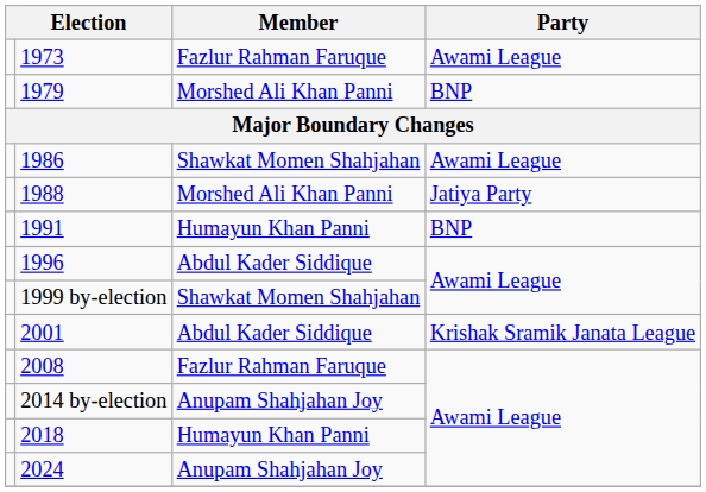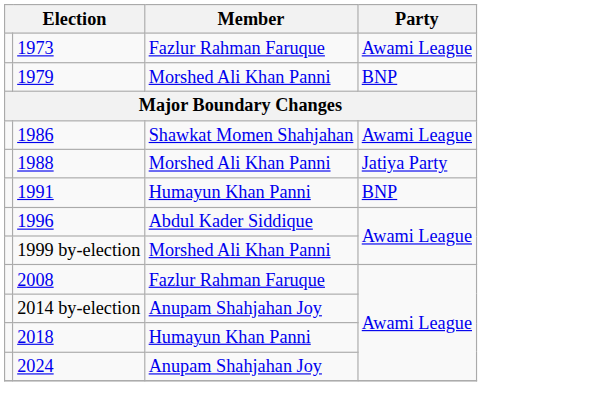 <table class="wikitable">
 <tr>
 <th colspan="2">Election</th>
 <th>Member</th>
 <th>Party</th>
 </tr>
 <tr>
 <td style="background-color:"></td>
 <td><a href='#'>1973</a></td>
 <td><a href='#'>Fazlur Rahman Faruque</a></td>
 <td><a href='#'>Awami League</a></td>
 </tr>
 <tr>
 <td style="background-color:"></td>
 <td><a href='#'>1979</a></td>
 <td><a href='#'>Morshed Ali Khan Panni</a></td>
 <td><a href='#'>BNP</a></td>
 </tr>
 <tr>
 <th colspan="4">Major Boundary Changes</th>
 </tr>
 <tr>
 <td style="background-color:"></td>
 <td><a href='#'>1986</a></td>
 <td><a href='#'>Shawkat Momen Shahjahan</a></td>
 <td><a href='#'>Awami League</a></td>
 </tr>
 <tr>
 <td style="background-color:"></td>
 <td><a href='#'>1988</a></td>
 <td><a href='#'>Morshed Ali Khan Panni</a></td>
 <td><a href='#'>Jatiya Party</a></td>
 </tr>
 <tr>
 <td style="background-color:"></td>
 <td><a href='#'>1991</a></td>
 <td><a href='#'>Humayun Khan Panni</a></td>
 <td><a href='#'>BNP</a></td>
 </tr>
 <tr>
 <td style="background-color:"></td>
 <td><a href='#'>1996</a></td>
 <td><a href='#'>Abdul Kader Siddique</a></td>
 <td rowspan="2"><a href='#'>Awami League</a></td>
 </tr>
 <tr>
 <td style="background-color:"></td>
 <td>1999 by-election</td>
-<td><a href='#'>Shawkat Momen Shahjahan</a></td>
-</tr>
-<tr>
-<td style="background-color:"></td>
-<td><a href='#'>2001</a></td>
-<td><a href='#'>Abdul Kader Siddique</a></td>
-<td><a href='#'>Krishak Sramik Janata League</a></td>
+<td><a href='#'>Morshed Ali Khan Panni</a></td>
 </tr>
 <tr>
 <td style="background-color:"></td>
 <td><a href='#'>2008</a></td>
 <td><a href='#'>Fazlur Rahman Faruque</a></td>
 <td rowspan="4"><a href='#'>Awami League</a></td>
 </tr>
 <tr>
 <td style="background-color:"></td>
 <td>2014 by-election</td>
 <td><a href='#'>Anupam Shahjahan Joy</a></td>
 </tr>
 <tr>
 <td style="background-color:"></td>
 <td><a href='#'>2018</a></td>
 <td><a href='#'>Humayun Khan Panni</a></td>
 </tr>
 <tr>
 <td style="background-color:"></td>
 <td><a href='#'>2024</a></td>
 <td><a href='#'>Anupam Shahjahan Joy</a></td>
 </tr>
 <tr>
 </tr>
 </table>
